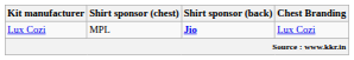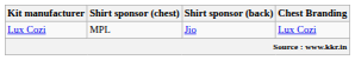 <table class="wikitable"  style="font-size:85%;">
 <tr>
 <th>Kit manufacturer</th>
 <th>Shirt sponsor (chest)</th>
 <th>Shirt sponsor (back)</th>
 <th>Chest Branding</th>
 </tr>
 <tr>
 <td><a href='#'>Lux Cozi</a></td>
 <td>MPL</td>
-<td><strong><a href='#'>Jio</a></strong></td>
+<td><a href='#'>Jio</a></td>
 <td><a href='#'>Lux Cozi</a></td>
 </tr>
 <tr>
 <th colspan="4" style="text-align:right;"><small> Source : www.kkr.in </small></th>
 </tr>
 </table>
